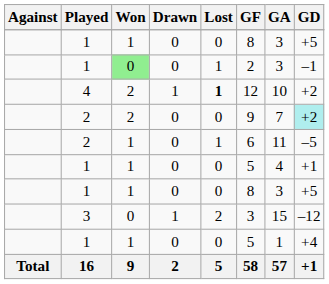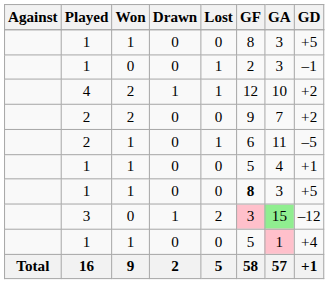 <table class="wikitable sortable" style="font-size:90%; text-align: center;">
 <tr>
 <th>Against</th>
 <th>Played</th>
 <th>Won</th>
 <th>Drawn</th>
 <th>Lost</th>
 <th>GF</th>
 <th>GA</th>
 <th>GD</th>
 </tr>
 <tr bgcolor="#d0ffd0" align="center">
 </tr>
 <tr>
 <td align="left"></td>
 <td>1</td>
 <td>1</td>
 <td>0</td>
 <td>0</td>
 <td>8</td>
 <td>3</td>
 <td>+5</td>
 </tr>
 <tr>
 <td align="left"></td>
 <td>1</td>
-<td style="background: lightgreen;">0</td>
+<td>0</td>
 <td>0</td>
 <td>1</td>
 <td>2</td>
 <td>3</td>
 <td>–1</td>
 </tr>
 <tr>
 <td align="left"></td>
 <td>4</td>
 <td>2</td>
 <td>1</td>
-<td><strong>1</strong></td>
+<td>1</td>
 <td>12</td>
 <td>10</td>
 <td>+2</td>
 </tr>
 <tr>
 <td align="left"></td>
 <td>2</td>
 <td>2</td>
 <td>0</td>
 <td>0</td>
 <td>9</td>
 <td>7</td>
-<td style="background: paleturquoise;">+2</td>
+<td>+2</td>
 </tr>
 <tr>
 <td align="left"></td>
 <td>2</td>
 <td>1</td>
 <td>0</td>
 <td>1</td>
 <td>6</td>
 <td>11</td>
 <td>–5</td>
 </tr>
 <tr>
 <td align="left"></td>
 <td>1</td>
 <td>1</td>
 <td>0</td>
 <td>0</td>
 <td>5</td>
 <td>4</td>
 <td>+1</td>
 </tr>
 <tr>
 <td align="left"></td>
 <td>1</td>
 <td>1</td>
 <td>0</td>
 <td>0</td>
-<td>8</td>
+<td><strong>8</strong></td>
 <td>3</td>
 <td>+5</td>
 </tr>
 <tr>
 <td align="left"></td>
 <td>3</td>
 <td>0</td>
 <td>1</td>
 <td>2</td>
-<td>3</td>
-<td>15</td>
+<td style="background: pink;">3</td>
+<td style="background: lightgreen;">15</td>
 <td>–12</td>
 </tr>
 <tr>
 <td align="left"></td>
 <td>1</td>
 <td>1</td>
 <td>0</td>
 <td>0</td>
 <td>5</td>
-<td>1</td>
+<td style="background: pink;">1</td>
 <td>+4</td>
 </tr>
 <tr>
 <th>Total</th>
 <th>16</th>
 <th>9</th>
 <th>2</th>
 <th>5</th>
 <th>58</th>
 <th>57</th>
 <th>+1</th>
 </tr>
 </table>
